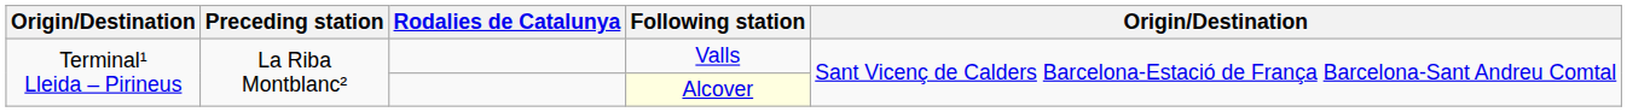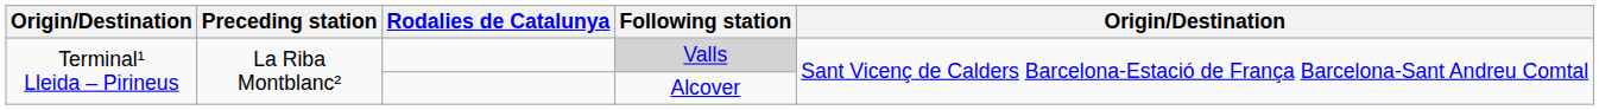 <table class="wikitable" style="margin:0 auto; text-align:center;">
 <tr>
 <th>Origin/Destination</th>
 <th>Preceding station</th>
 <th><a href='#'>Rodalies de Catalunya</a></th>
 <th>Following station</th>
 <th>Origin/Destination</th>
 </tr>
 <tr>
 <td rowspan="2">Terminal¹<br><a href='#'>Lleida – Pirineus</a></td>
 <td rowspan="2">La Riba<br>Montblanc²</td>
 <td></td>
-<td><a href='#'>Valls</a></td>
+<td style="background: lightgrey;"><a href='#'>Valls</a></td>
 <td rowspan="2"><a href='#'>Sant Vicenç de Calders</a> <a href='#'>Barcelona-Estació de França</a> <a href='#'>Barcelona-Sant Andreu Comtal</a></td>
 </tr>
 <tr>
 <td></td>
-<td style="background: lightyellow;"><a href='#'>Alcover</a></td>
+<td><a href='#'>Alcover</a></td>
 </tr>
 </table>
